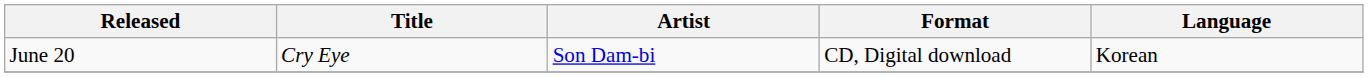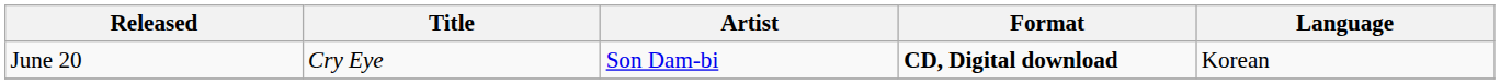 <table class="wikitable sortable" align="left center" style="width:65%;">
 <tr>
 <th style="width:20%;">Released</th>
 <th style="width:20%;">Title</th>
 <th style="width:20%;">Artist</th>
 <th style="width:20%;">Format</th>
 <th style="width:20%;">Language</th>
 </tr>
 <tr>
 <td>June 20</td>
 <td><em>Cry Eye</em></td>
 <td><a href='#'>Son Dam-bi</a></td>
-<td>CD, Digital download</td>
+<td><strong>CD, Digital download</strong></td>
 <td>Korean</td>
 </tr>
 <tr>
 </tr>
 </table>
